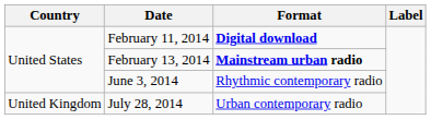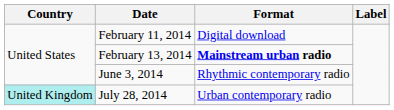 <table class="wikitable">
 <tr>
 <th>Country</th>
 <th>Date</th>
 <th>Format</th>
 <th>Label</th>
 </tr>
 <tr>
 <td rowspan="3">United States</td>
 <td>February 11, 2014</td>
-<td><strong><a href='#'>Digital download</a></strong></td>
+<td><a href='#'>Digital download</a></td>
 <td rowspan="4"></td>
 </tr>
 <tr>
 <td>February 13, 2014</td>
 <td><strong><a href='#'>Mainstream urban</a> radio</strong></td>
 </tr>
 <tr>
 <td>June 3, 2014</td>
 <td><a href='#'>Rhythmic contemporary</a> radio</td>
 </tr>
 <tr>
-<td rowspan="1">United Kingdom</td>
+<td rowspan="1" style="background: paleturquoise;">United Kingdom</td>
 <td>July 28, 2014</td>
 <td><a href='#'>Urban contemporary</a> radio</td>
 </tr>
 </table>
